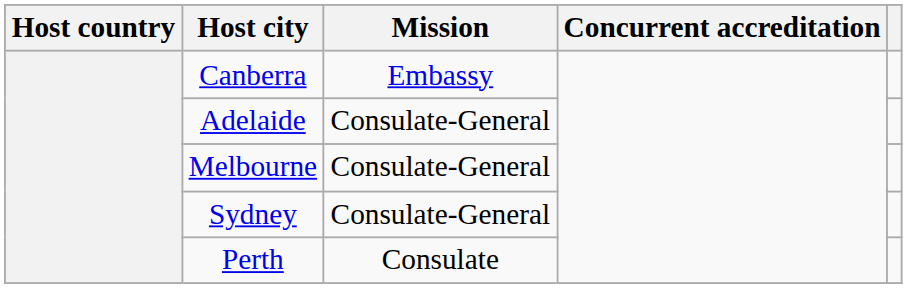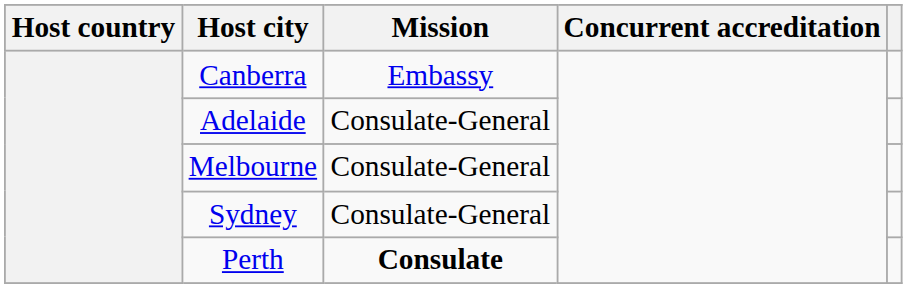 <table class="wikitable plainrowheaders" style="text-align:center;">
 <tr>
 <th scope="col">Host country</th>
 <th scope="col">Host city</th>
 <th scope="col">Mission</th>
 <th scope="col">Concurrent accreditation</th>
 <th scope="col"></th>
 </tr>
 <tr>
 <th scope="row" rowspan="5"></th>
 <td><a href='#'>Canberra</a></td>
 <td><a href='#'>Embassy</a></td>
 <td rowspan="5"></td>
 <td></td>
 </tr>
 <tr>
 <td><a href='#'>Adelaide</a></td>
 <td>Consulate-General</td>
 <td></td>
 </tr>
 <tr>
 <td><a href='#'>Melbourne</a></td>
 <td>Consulate-General</td>
 <td></td>
 </tr>
 <tr>
 <td><a href='#'>Sydney</a></td>
 <td>Consulate-General</td>
 <td></td>
 </tr>
 <tr>
 <td><a href='#'>Perth</a></td>
-<td>Consulate</td>
+<td><strong>Consulate</strong></td>
 <td></td>
 </tr>
 </table>
